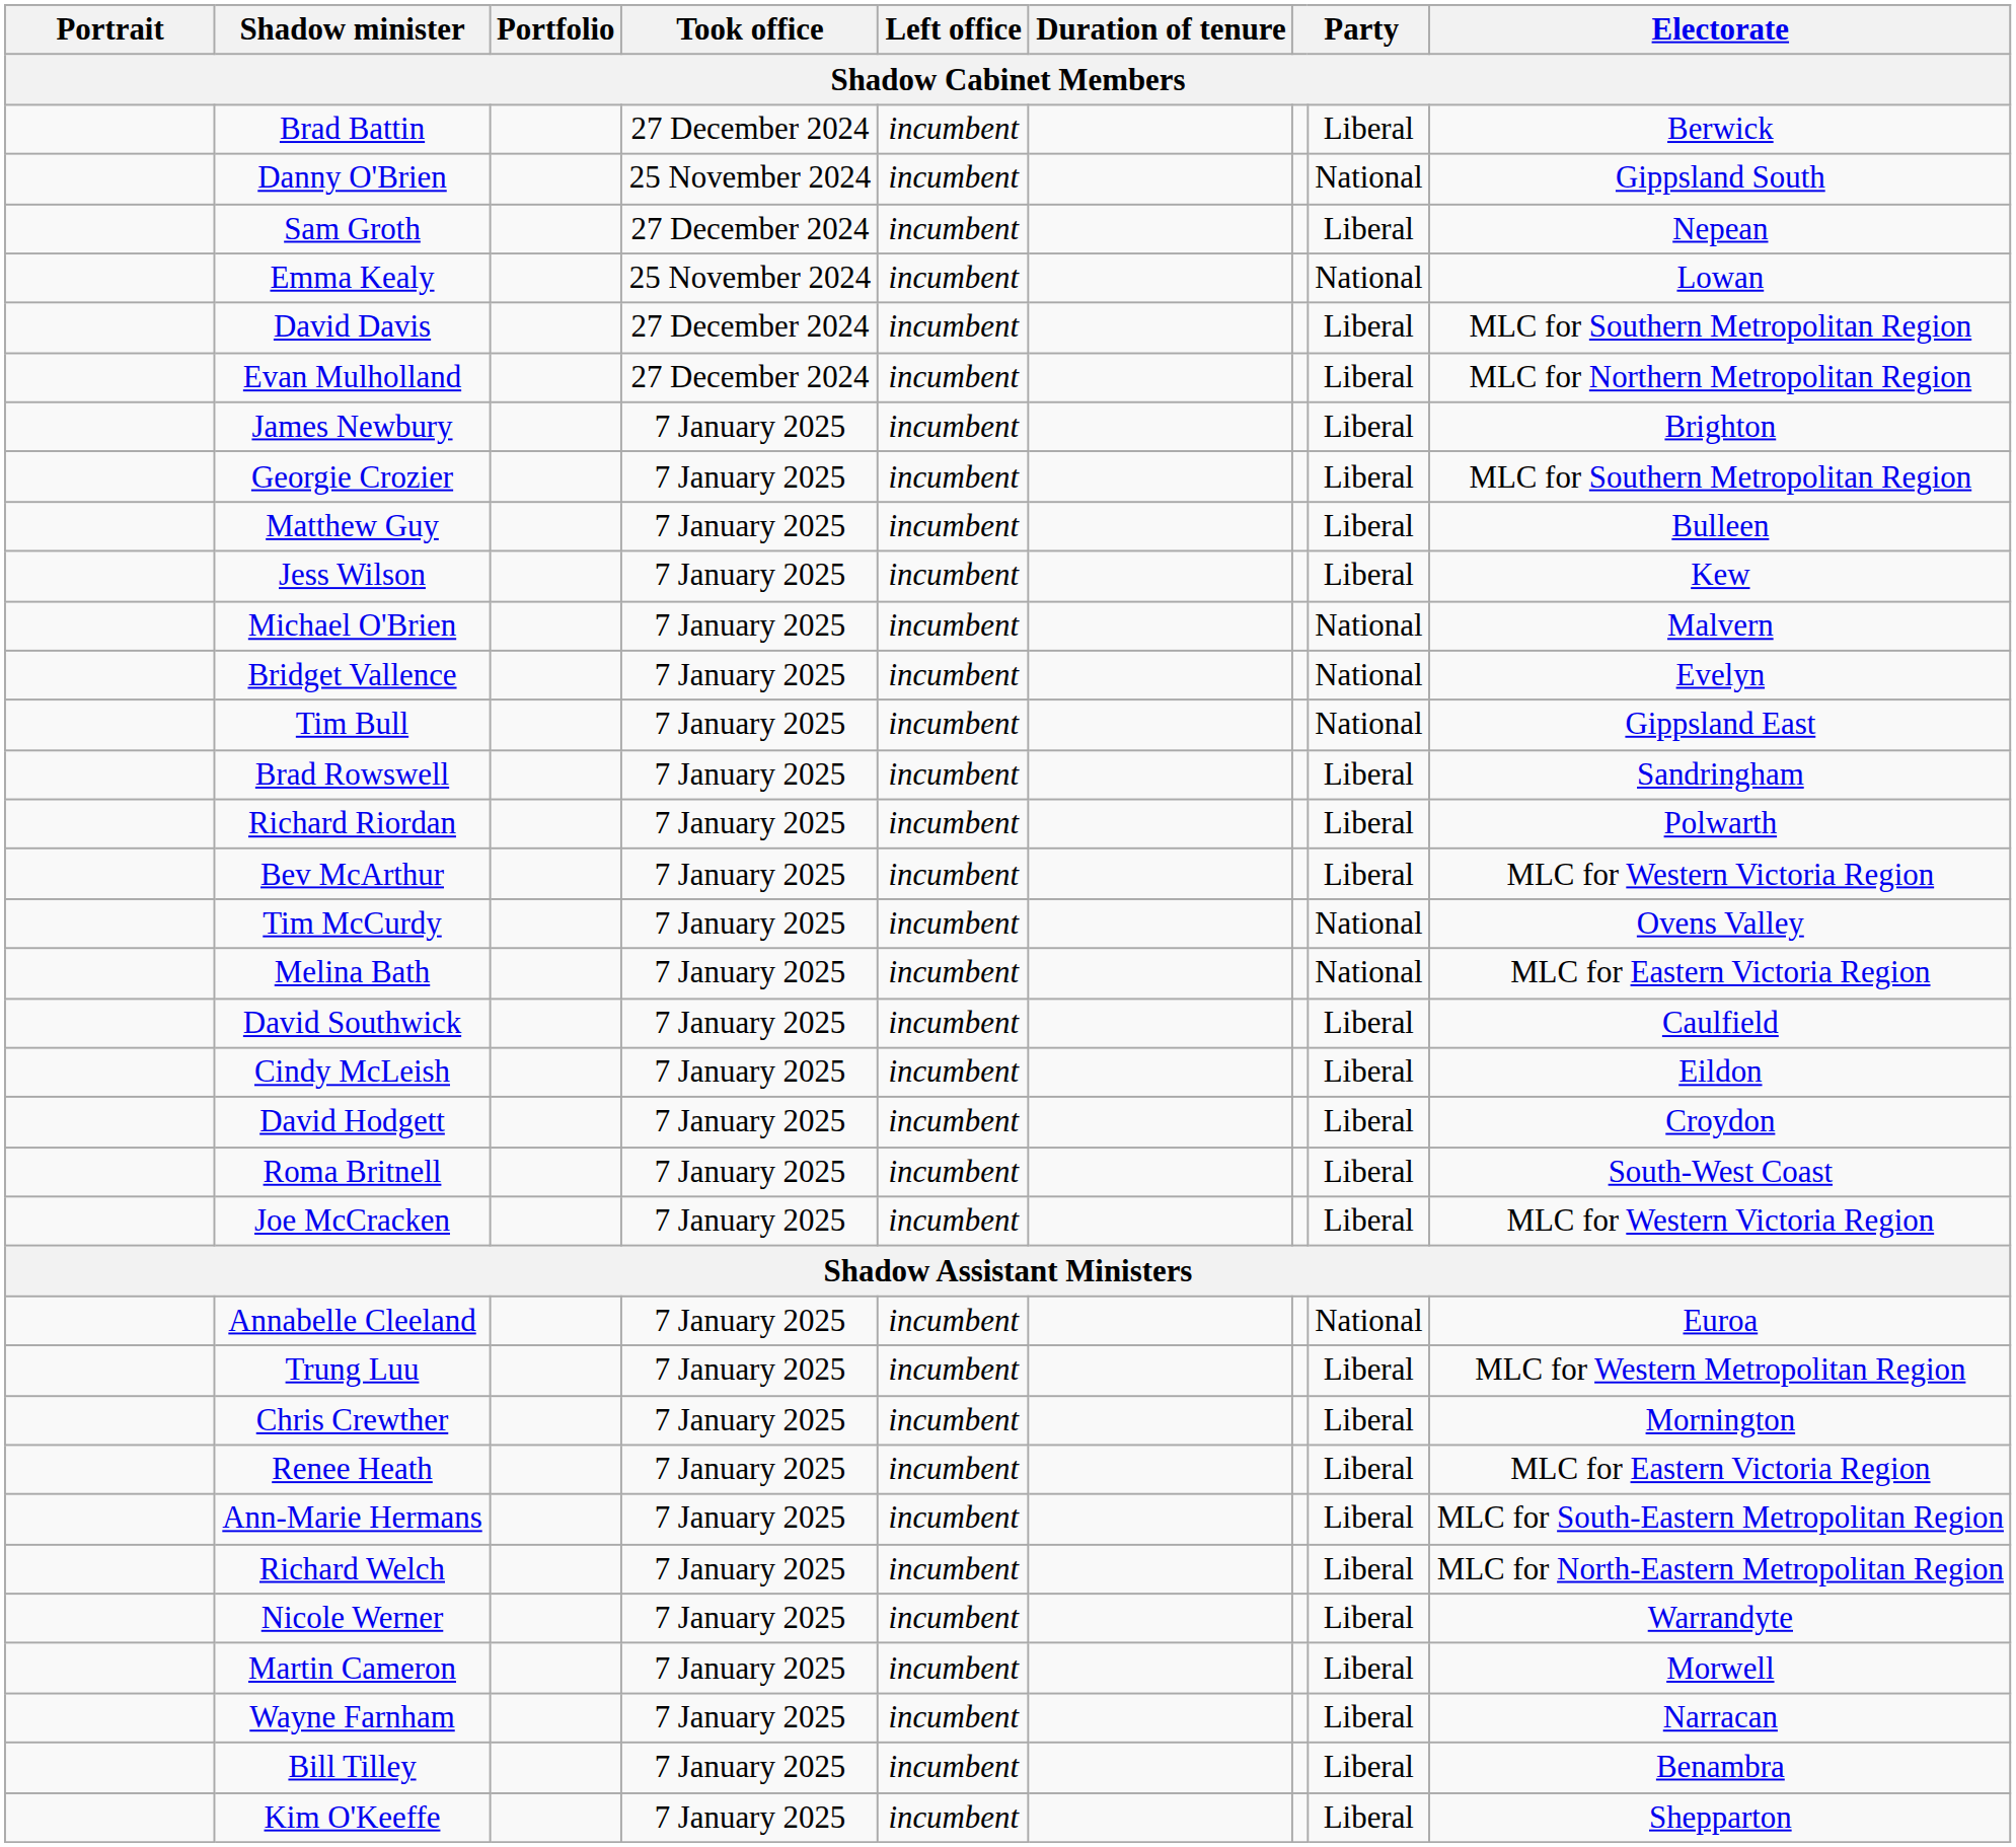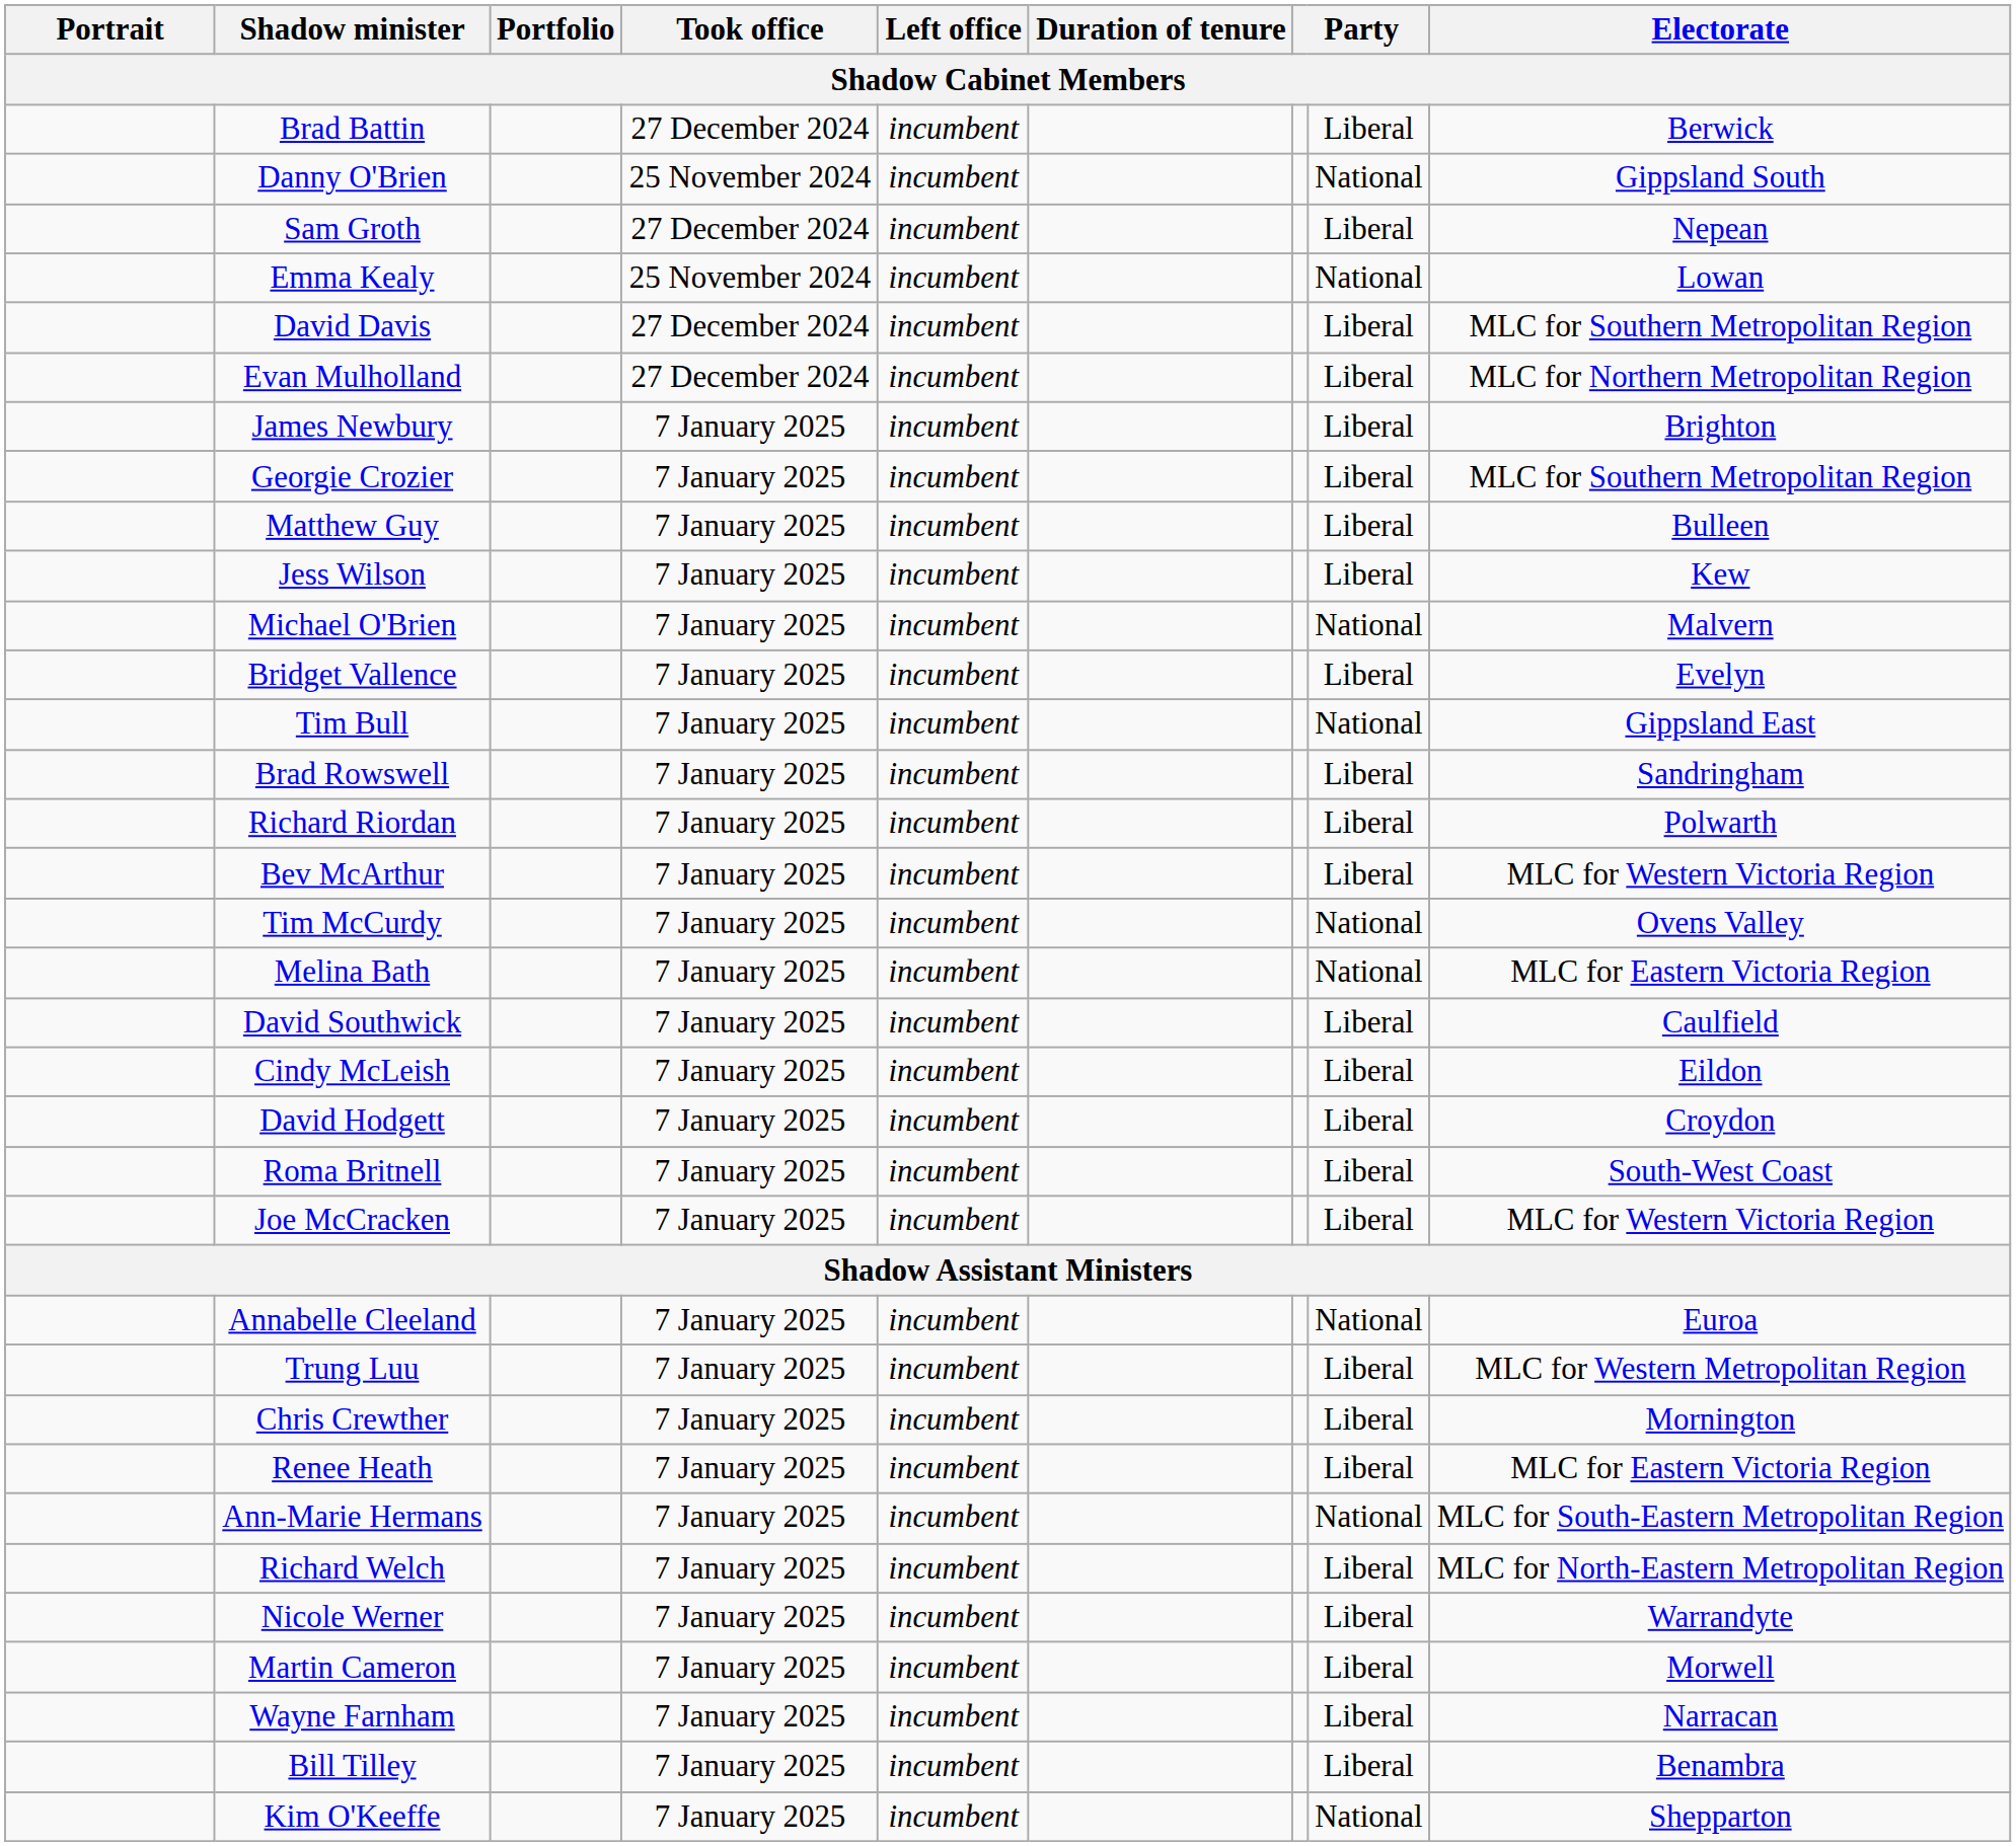 <table class="wikitable sortable" style="border:#555; text-align:center; ">
 <tr>
 <th class="unsortable" style="width:100px;">Portrait</th>
 <th>Shadow minister</th>
 <th>Portfolio</th>
 <th>Took office</th>
 <th>Left office</th>
 <th>Duration of tenure</th>
 <th colspan="2" class="unsortable" style="width:5px;">Party</th>
 <th><a href='#'>Electorate</a></th>
 </tr>
 <tr>
 <th colspan="9">Shadow Cabinet Members</th>
 </tr>
 <tr>
 <td></td>
 <td><a href='#'>Brad Battin</a></td>
 <td></td>
 <td>27 December 2024</td>
 <td><em>incumbent</em></td>
 <td></td>
 <td style="background-color: "></td>
 <td>Liberal</td>
 <td><a href='#'>Berwick</a></td>
 </tr>
 <tr>
 <td></td>
 <td><a href='#'>Danny O'Brien</a></td>
 <td></td>
 <td>25 November 2024</td>
 <td><em>incumbent</em></td>
 <td></td>
 <td style="background-color: "></td>
 <td>National</td>
 <td><a href='#'>Gippsland South</a></td>
 </tr>
 <tr>
 <td></td>
 <td><a href='#'>Sam Groth</a></td>
 <td></td>
 <td>27 December 2024</td>
 <td><em>incumbent</em></td>
 <td></td>
 <td style="background-color: "></td>
 <td>Liberal</td>
 <td><a href='#'>Nepean</a></td>
 </tr>
 <tr>
 <td></td>
 <td><a href='#'>Emma Kealy</a></td>
 <td></td>
 <td>25 November 2024</td>
 <td><em>incumbent</em></td>
 <td></td>
 <td style="background-color: "></td>
 <td>National</td>
 <td><a href='#'>Lowan</a></td>
 </tr>
 <tr>
 <td></td>
 <td><a href='#'>David Davis</a></td>
 <td></td>
 <td>27 December 2024</td>
 <td><em>incumbent</em></td>
 <td></td>
 <td style="background-color: "></td>
 <td>Liberal</td>
 <td>MLC for <a href='#'>Southern Metropolitan Region</a></td>
 </tr>
 <tr>
 <td></td>
 <td><a href='#'>Evan Mulholland</a></td>
 <td></td>
 <td>27 December 2024</td>
 <td><em>incumbent</em></td>
 <td></td>
 <td style="background-color: "></td>
 <td>Liberal</td>
 <td>MLC for <a href='#'>Northern Metropolitan Region</a></td>
 </tr>
 <tr>
 <td></td>
 <td><a href='#'>James Newbury</a></td>
 <td></td>
 <td>7 January 2025</td>
 <td><em>incumbent</em></td>
 <td></td>
 <td style="background-color: "></td>
 <td>Liberal</td>
 <td><a href='#'>Brighton</a></td>
 </tr>
 <tr>
 <td></td>
 <td><a href='#'>Georgie Crozier</a></td>
 <td></td>
 <td>7 January 2025</td>
 <td><em>incumbent</em></td>
 <td></td>
 <td style="background-color: "></td>
 <td>Liberal</td>
 <td>MLC for <a href='#'>Southern Metropolitan Region</a></td>
 </tr>
 <tr>
 <td></td>
 <td><a href='#'>Matthew Guy</a></td>
 <td></td>
 <td>7 January 2025</td>
 <td><em>incumbent</em></td>
 <td></td>
 <td style="background-color: "></td>
 <td>Liberal</td>
 <td><a href='#'>Bulleen</a></td>
 </tr>
 <tr>
 <td></td>
 <td><a href='#'>Jess Wilson</a></td>
 <td></td>
 <td>7 January 2025</td>
 <td><em>incumbent</em></td>
 <td></td>
 <td style="background-color: "></td>
 <td>Liberal</td>
 <td><a href='#'>Kew</a></td>
 </tr>
 <tr>
 <td></td>
 <td><a href='#'>Michael O'Brien</a></td>
 <td></td>
 <td>7 January 2025</td>
 <td><em>incumbent</em></td>
 <td></td>
 <td style="background-color: "></td>
 <td>National</td>
 <td><a href='#'>Malvern</a></td>
 </tr>
 <tr>
 <td></td>
 <td><a href='#'>Bridget Vallence</a></td>
 <td></td>
 <td>7 January 2025</td>
 <td><em>incumbent</em></td>
 <td></td>
 <td style="background-color: "></td>
-<td>National</td>
+<td>Liberal</td>
 <td><a href='#'>Evelyn</a></td>
 </tr>
 <tr>
 <td></td>
 <td><a href='#'>Tim Bull</a></td>
 <td></td>
 <td>7 January 2025</td>
 <td><em>incumbent</em></td>
 <td></td>
 <td style="background-color: "></td>
 <td>National</td>
 <td><a href='#'>Gippsland East</a></td>
 </tr>
 <tr>
 <td></td>
 <td><a href='#'>Brad Rowswell</a></td>
 <td></td>
 <td>7 January 2025</td>
 <td><em>incumbent</em></td>
 <td></td>
 <td style="background-color: "></td>
 <td>Liberal</td>
 <td><a href='#'>Sandringham</a></td>
 </tr>
 <tr>
 <td></td>
 <td><a href='#'>Richard Riordan</a></td>
 <td></td>
 <td>7 January 2025</td>
 <td><em>incumbent</em></td>
 <td></td>
 <td style="background-color: "></td>
 <td>Liberal</td>
 <td><a href='#'>Polwarth</a></td>
 </tr>
 <tr>
 <td></td>
 <td><a href='#'>Bev McArthur</a></td>
 <td></td>
 <td>7 January 2025</td>
 <td><em>incumbent</em></td>
 <td></td>
 <td style="background-color: "></td>
 <td>Liberal</td>
 <td>MLC for <a href='#'>Western Victoria Region</a></td>
 </tr>
 <tr>
 <td></td>
 <td><a href='#'>Tim McCurdy</a></td>
 <td></td>
 <td>7 January 2025</td>
 <td><em>incumbent</em></td>
 <td></td>
 <td style="background-color: "></td>
 <td>National</td>
 <td><a href='#'>Ovens Valley</a></td>
 </tr>
 <tr>
 <td></td>
 <td><a href='#'>Melina Bath</a></td>
 <td></td>
 <td>7 January 2025</td>
 <td><em>incumbent</em></td>
 <td></td>
 <td style="background-color: "></td>
 <td>National</td>
 <td>MLC for <a href='#'>Eastern Victoria Region</a></td>
 </tr>
 <tr>
 <td></td>
 <td><a href='#'>David Southwick</a></td>
 <td></td>
 <td>7 January 2025</td>
 <td><em>incumbent</em></td>
 <td></td>
 <td style="background-color: "></td>
 <td>Liberal</td>
 <td><a href='#'>Caulfield</a></td>
 </tr>
 <tr>
 <td></td>
 <td><a href='#'>Cindy McLeish</a></td>
 <td></td>
 <td>7 January 2025</td>
 <td><em>incumbent</em></td>
 <td></td>
 <td style="background-color: "></td>
 <td>Liberal</td>
 <td><a href='#'>Eildon</a></td>
 </tr>
 <tr>
 <td></td>
 <td><a href='#'>David Hodgett</a></td>
 <td></td>
 <td>7 January 2025</td>
 <td><em>incumbent</em></td>
 <td></td>
 <td style="background-color: "></td>
 <td>Liberal</td>
 <td><a href='#'>Croydon</a></td>
 </tr>
 <tr>
 <td></td>
 <td><a href='#'>Roma Britnell</a></td>
 <td></td>
 <td>7 January 2025</td>
 <td><em>incumbent</em></td>
 <td></td>
 <td style="background-color: "></td>
 <td>Liberal</td>
 <td><a href='#'>South-West Coast</a></td>
 </tr>
 <tr>
 <td></td>
 <td><a href='#'>Joe McCracken</a></td>
 <td></td>
 <td>7 January 2025</td>
 <td><em>incumbent</em></td>
 <td></td>
 <td style="background-color: "></td>
 <td>Liberal</td>
 <td>MLC for <a href='#'>Western Victoria Region</a></td>
 </tr>
 <tr>
 <th colspan="9">Shadow Assistant Ministers</th>
 </tr>
 <tr>
 <td></td>
 <td><a href='#'>Annabelle Cleeland</a></td>
 <td></td>
 <td>7 January 2025</td>
 <td><em>incumbent</em></td>
 <td></td>
 <td style="background-color: "></td>
 <td>National</td>
 <td><a href='#'>Euroa</a></td>
 </tr>
 <tr>
 <td></td>
 <td><a href='#'>Trung Luu</a></td>
 <td></td>
 <td>7 January 2025</td>
 <td><em>incumbent</em></td>
 <td></td>
 <td style="background-color: "></td>
 <td>Liberal</td>
 <td>MLC for <a href='#'>Western Metropolitan Region</a></td>
 </tr>
 <tr>
 <td></td>
 <td><a href='#'>Chris Crewther</a></td>
 <td></td>
 <td>7 January 2025</td>
 <td><em>incumbent</em></td>
 <td></td>
 <td style="background-color: "></td>
 <td>Liberal</td>
 <td><a href='#'>Mornington</a></td>
 </tr>
 <tr>
 <td></td>
 <td><a href='#'>Renee Heath</a></td>
 <td></td>
 <td>7 January 2025</td>
 <td><em>incumbent</em></td>
 <td></td>
 <td style="background-color: "></td>
 <td>Liberal</td>
 <td>MLC for <a href='#'>Eastern Victoria Region</a></td>
 </tr>
 <tr>
 <td></td>
 <td><a href='#'>Ann-Marie Hermans</a></td>
 <td></td>
 <td>7 January 2025</td>
 <td><em>incumbent</em></td>
 <td></td>
 <td style="background-color: "></td>
-<td>Liberal</td>
+<td>National</td>
 <td>MLC for <a href='#'>South-Eastern Metropolitan Region</a></td>
 </tr>
 <tr>
 <td></td>
 <td><a href='#'>Richard Welch</a></td>
 <td></td>
 <td>7 January 2025</td>
 <td><em>incumbent</em></td>
 <td></td>
 <td style="background-color: "></td>
 <td>Liberal</td>
 <td>MLC for <a href='#'>North-Eastern Metropolitan Region</a></td>
 </tr>
 <tr>
 <td></td>
 <td><a href='#'>Nicole Werner</a></td>
 <td></td>
 <td>7 January 2025</td>
 <td><em>incumbent</em></td>
 <td></td>
 <td style="background-color: "></td>
 <td>Liberal</td>
 <td><a href='#'>Warrandyte</a></td>
 </tr>
 <tr>
 <td></td>
 <td><a href='#'>Martin Cameron</a></td>
 <td></td>
 <td>7 January 2025</td>
 <td><em>incumbent</em></td>
 <td></td>
 <td style="background-color: "></td>
 <td>Liberal</td>
 <td><a href='#'>Morwell</a></td>
 </tr>
 <tr>
 <td></td>
 <td><a href='#'>Wayne Farnham</a></td>
 <td></td>
 <td>7 January 2025</td>
 <td><em>incumbent</em></td>
 <td></td>
 <td style="background-color: "></td>
 <td>Liberal</td>
 <td><a href='#'>Narracan</a></td>
 </tr>
 <tr>
 <td></td>
 <td><a href='#'>Bill Tilley</a></td>
 <td></td>
 <td>7 January 2025</td>
 <td><em>incumbent</em></td>
 <td></td>
 <td style="background-color: "></td>
 <td>Liberal</td>
 <td><a href='#'>Benambra</a></td>
 </tr>
 <tr>
 <td></td>
 <td><a href='#'>Kim O'Keeffe</a></td>
 <td></td>
 <td>7 January 2025</td>
 <td><em>incumbent</em></td>
 <td></td>
 <td style="background-color: "></td>
-<td>Liberal</td>
+<td>National</td>
 <td><a href='#'>Shepparton</a></td>
 </tr>
 </table>
